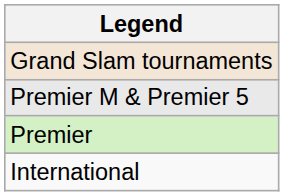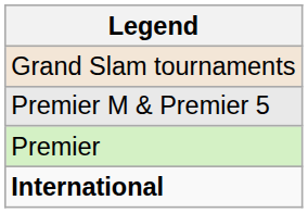 <table class="wikitable" style="font-size:90%">
 <tr>
 <th>Legend</th>
 </tr>
 <tr>
 <td bgcolor=f3e6d7>Grand Slam tournaments</td>
 </tr>
 <tr>
 <td bgcolor=e9e9e9>Premier M & Premier 5</td>
 </tr>
 <tr>
 <td bgcolor=d4f1c5>Premier</td>
 </tr>
 <tr>
-<td>International</td>
+<td><strong>International</strong></td>
 </tr>
 </table>
